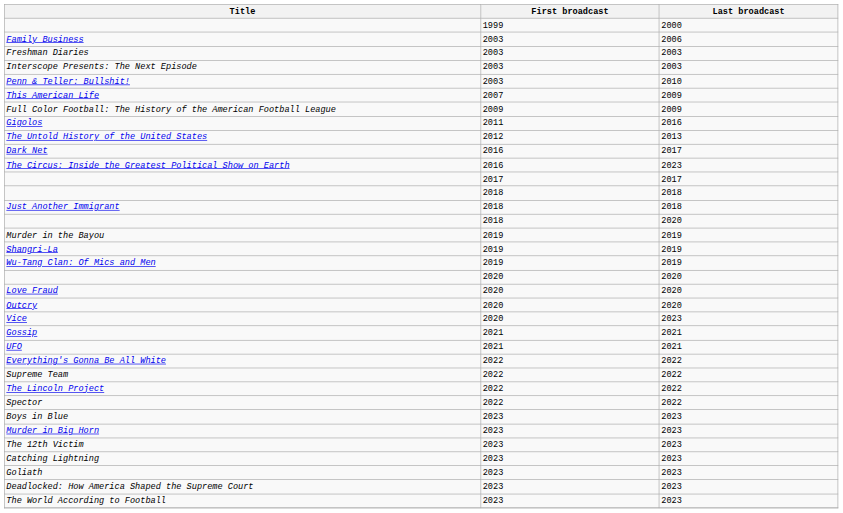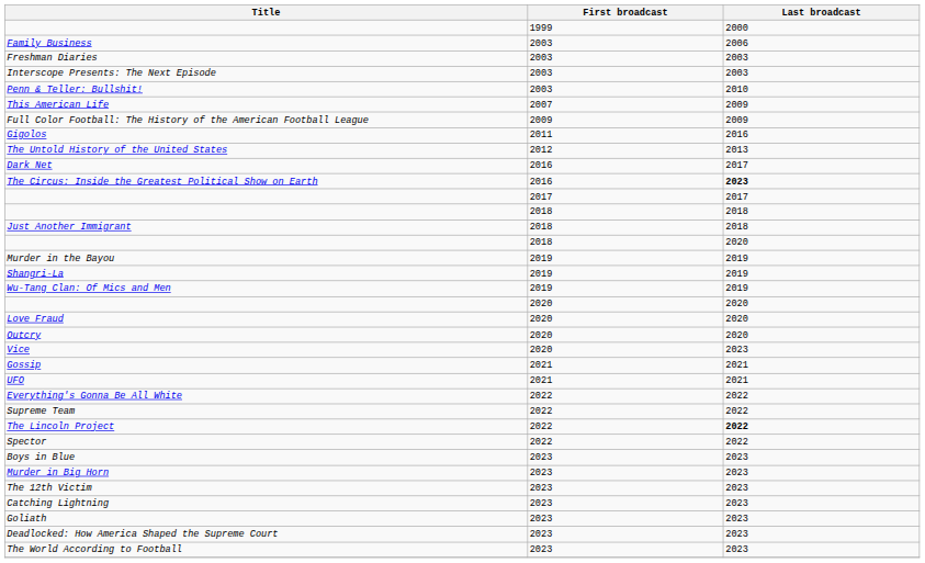 <table class="wikitable sortable" style="width:100%;">
 <tr>
 <th style="width:40%;">Title</th>
 <th style="width:15%;">First broadcast</th>
 <th style="width:15%;">Last broadcast</th>
 </tr>
 <tr>
 <td></td>
 <td>1999</td>
 <td>2000</td>
 </tr>
 <tr>
 <td><em><a href='#'>Family Business</a></em></td>
 <td>2003</td>
 <td>2006</td>
 </tr>
 <tr>
 <td><em>Freshman Diaries</em></td>
 <td>2003</td>
 <td>2003</td>
 </tr>
 <tr>
 <td><em>Interscope Presents: The Next Episode</em></td>
 <td>2003</td>
 <td>2003</td>
 </tr>
 <tr>
 <td><em><a href='#'>Penn & Teller: Bullshit!</a></em></td>
 <td>2003</td>
 <td>2010</td>
 </tr>
 <tr>
 <td><em><a href='#'>This American Life</a></em></td>
 <td>2007</td>
 <td>2009</td>
 </tr>
 <tr>
 <td><em>Full Color Football: The History of the American Football League</em></td>
 <td>2009</td>
 <td>2009</td>
 </tr>
 <tr>
 <td><em><a href='#'>Gigolos</a></em></td>
 <td>2011</td>
 <td>2016</td>
 </tr>
 <tr>
 <td><em><a href='#'>The Untold History of the United States</a></em></td>
 <td>2012</td>
 <td>2013</td>
 </tr>
 <tr>
 <td><em><a href='#'>Dark Net</a></em></td>
 <td>2016</td>
 <td>2017</td>
 </tr>
 <tr>
 <td><em><a href='#'>The Circus: Inside the Greatest Political Show on Earth</a></em></td>
 <td>2016</td>
-<td>2023</td>
+<td><strong>2023</strong></td>
 </tr>
 <tr>
 <td></td>
 <td>2017</td>
 <td>2017</td>
 </tr>
 <tr>
 <td></td>
 <td>2018</td>
 <td>2018</td>
 </tr>
 <tr>
 <td><em><a href='#'>Just Another Immigrant</a></em></td>
 <td>2018</td>
 <td>2018</td>
 </tr>
 <tr>
 <td></td>
 <td>2018</td>
 <td>2020</td>
 </tr>
 <tr>
 <td><em>Murder in the Bayou</em></td>
 <td>2019</td>
 <td>2019</td>
 </tr>
 <tr>
 <td><em><a href='#'>Shangri-La</a></em></td>
 <td>2019</td>
 <td>2019</td>
 </tr>
 <tr>
 <td><em><a href='#'>Wu-Tang Clan: Of Mics and Men</a></em></td>
 <td>2019</td>
 <td>2019</td>
 </tr>
 <tr>
 <td><em></em></td>
 <td>2020</td>
 <td>2020</td>
 </tr>
 <tr>
 <td><em><a href='#'>Love Fraud</a></em></td>
 <td>2020</td>
 <td>2020</td>
 </tr>
 <tr>
 <td><em><a href='#'>Outcry</a></em></td>
 <td>2020</td>
 <td>2020</td>
 </tr>
 <tr>
 <td><em><a href='#'>Vice</a></em></td>
 <td>2020</td>
 <td>2023</td>
 </tr>
 <tr>
 <td><em><a href='#'>Gossip</a></em></td>
 <td>2021</td>
 <td>2021</td>
 </tr>
 <tr>
 <td><em><a href='#'>UFO</a></em></td>
 <td>2021</td>
 <td>2021</td>
 </tr>
 <tr>
 <td><em><a href='#'>Everything's Gonna Be All White</a></em></td>
 <td>2022</td>
 <td>2022</td>
 </tr>
 <tr>
 <td><em>Supreme Team</em></td>
 <td>2022</td>
 <td>2022</td>
 </tr>
 <tr>
 <td><em><a href='#'>The Lincoln Project</a></em></td>
 <td>2022</td>
-<td>2022</td>
+<td><strong>2022</strong></td>
 </tr>
 <tr>
 <td><em>Spector</em></td>
 <td>2022</td>
 <td>2022</td>
 </tr>
 <tr>
 <td><em>Boys in Blue</em></td>
 <td>2023</td>
 <td>2023</td>
 </tr>
 <tr>
 <td><em><a href='#'>Murder in Big Horn</a></em></td>
 <td>2023</td>
 <td>2023</td>
 </tr>
 <tr>
 <td><em>The 12th Victim</em></td>
 <td>2023</td>
 <td>2023</td>
 </tr>
 <tr>
 <td><em>Catching Lightning</em></td>
 <td>2023</td>
 <td>2023</td>
 </tr>
 <tr>
 <td><em>Goliath</em></td>
 <td>2023</td>
 <td>2023</td>
 </tr>
 <tr>
 <td><em>Deadlocked: How America Shaped the Supreme Court</em></td>
 <td>2023</td>
 <td>2023</td>
 </tr>
 <tr>
 <td><em>The World According to Football</em></td>
 <td>2023</td>
 <td>2023</td>
 </tr>
 <tr>
 </tr>
 </table>
